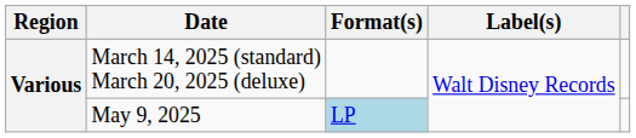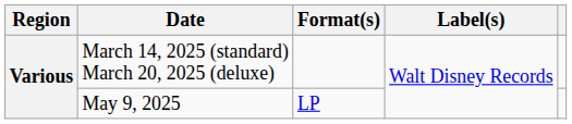 <table class="wikitable plainrowheaders">
 <tr>
 <th scope="col">Region</th>
 <th scope="col">Date</th>
 <th scope="col">Format(s)</th>
 <th scope="col">Label(s)</th>
 <th scope="col"></th>
 </tr>
 <tr>
 <th rowspan="2" scope="row">Various</th>
 <td>March 14, 2025 (standard)<br>March 20, 2025 (deluxe)</td>
 <td></td>
 <td rowspan="2"><a href='#'>Walt Disney Records</a></td>
 <td align="center"><br></td>
 </tr>
 <tr>
 <td>May 9, 2025</td>
-<td style="background: lightblue;"><a href='#'>LP</a></td>
+<td><a href='#'>LP</a></td>
 <td align="center"></td>
 </tr>
 </table>
